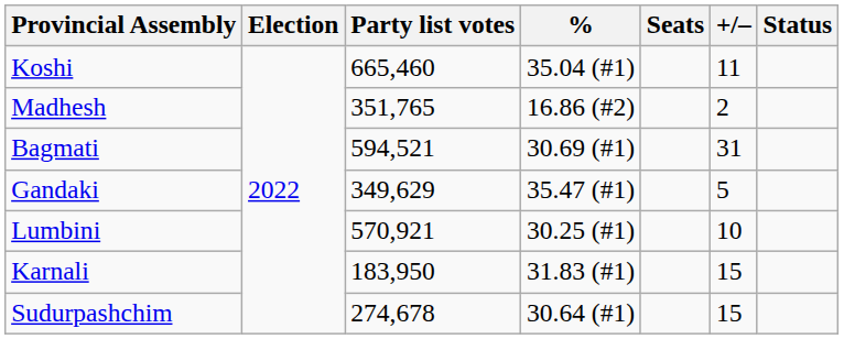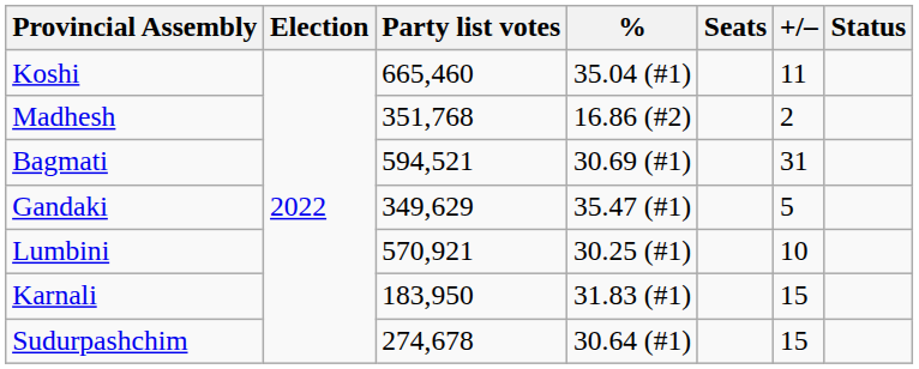 <table class="wikitable">
 <tr>
 <th style="background-color:">Provincial Assembly</th>
 <th style="background-color:">Election</th>
 <th style="background-color:">Party list votes</th>
 <th style="background-color:">%</th>
 <th style="background-color:">Seats</th>
 <th style="background-color:">+/–</th>
 <th style="background-color:">Status</th>
 </tr>
 <tr>
 <td><a href='#'>Koshi</a></td>
 <td rowspan="7"><a href='#'>2022</a></td>
 <td>665,460</td>
 <td>35.04 (#1)</td>
 <td></td>
 <td> 11</td>
 <td></td>
 </tr>
 <tr>
 <td><a href='#'>Madhesh</a></td>
-<td>351,765</td>
+<td>351,768</td>
 <td>16.86 (#2)</td>
 <td></td>
 <td> 2</td>
 <td></td>
 </tr>
 <tr>
 <td><a href='#'>Bagmati</a></td>
 <td>594,521</td>
 <td>30.69 (#1)</td>
 <td></td>
 <td> 31</td>
 <td></td>
 </tr>
 <tr>
 <td><a href='#'>Gandaki</a></td>
 <td>349,629</td>
 <td>35.47 (#1)</td>
 <td></td>
 <td> 5</td>
 <td></td>
 </tr>
 <tr>
 <td><a href='#'>Lumbini</a></td>
 <td>570,921</td>
 <td>30.25 (#1)</td>
 <td></td>
 <td> 10</td>
 <td></td>
 </tr>
 <tr>
 <td><a href='#'>Karnali</a></td>
 <td>183,950</td>
 <td>31.83 (#1)</td>
 <td></td>
 <td> 15</td>
 <td></td>
 </tr>
 <tr>
 <td><a href='#'>Sudurpashchim</a></td>
 <td>274,678</td>
 <td>30.64 (#1)</td>
 <td></td>
 <td> 15</td>
 <td></td>
 </tr>
 </table>
